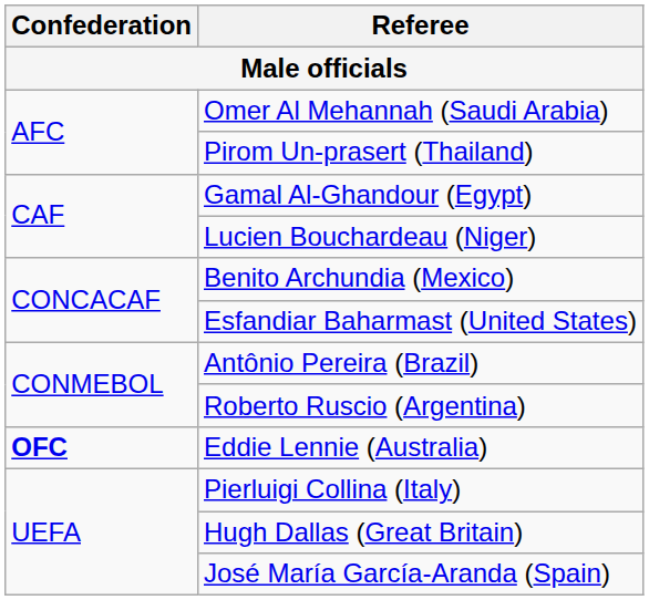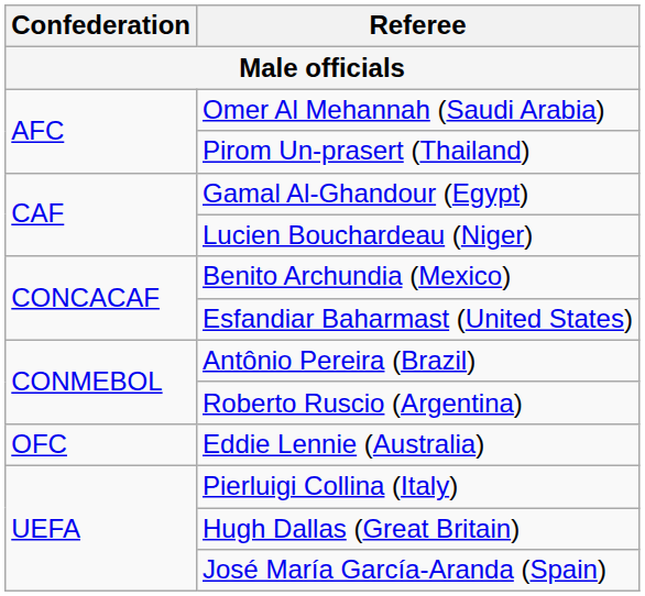 <table class="wikitable">
 <tr>
 <th>Confederation</th>
 <th>Referee</th>
 </tr>
 <tr>
 <td colspan="3" style="text-align:center; background:whitesmoke;"><strong>Male officials</strong></td>
 </tr>
 <tr>
 <td rowspan="2"><a href='#'>AFC</a></td>
 <td><a href='#'>Omer Al Mehannah</a> (<a href='#'>Saudi Arabia</a>)</td>
 </tr>
 <tr>
 <td><a href='#'>Pirom Un-prasert</a> (<a href='#'>Thailand</a>)</td>
 </tr>
 <tr>
 <td rowspan="2"><a href='#'>CAF</a></td>
 <td><a href='#'>Gamal Al-Ghandour</a> (<a href='#'>Egypt</a>)</td>
 </tr>
 <tr>
 <td><a href='#'>Lucien Bouchardeau</a> (<a href='#'>Niger</a>)</td>
 </tr>
 <tr>
 <td rowspan="2"><a href='#'>CONCACAF</a></td>
 <td><a href='#'>Benito Archundia</a> (<a href='#'>Mexico</a>)</td>
 </tr>
 <tr>
 <td><a href='#'>Esfandiar Baharmast</a> (<a href='#'>United States</a>)</td>
 </tr>
 <tr>
 <td rowspan="2"><a href='#'>CONMEBOL</a></td>
 <td><a href='#'>Antônio Pereira</a> (<a href='#'>Brazil</a>)</td>
 </tr>
 <tr>
 <td><a href='#'>Roberto Ruscio</a> (<a href='#'>Argentina</a>)</td>
 </tr>
 <tr>
-<td><strong><a href='#'>OFC</a></strong></td>
+<td><a href='#'>OFC</a></td>
 <td><a href='#'>Eddie Lennie</a> (<a href='#'>Australia</a>)</td>
 </tr>
 <tr>
 <td rowspan="3"><a href='#'>UEFA</a></td>
 <td><a href='#'>Pierluigi Collina</a> (<a href='#'>Italy</a>)</td>
 </tr>
 <tr>
 <td><a href='#'>Hugh Dallas</a> (<a href='#'>Great Britain</a>)</td>
 </tr>
 <tr>
 <td><a href='#'>José María García-Aranda</a> (<a href='#'>Spain</a>)</td>
 </tr>
 </table>
